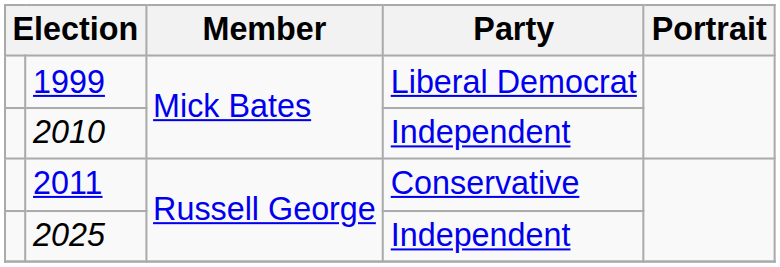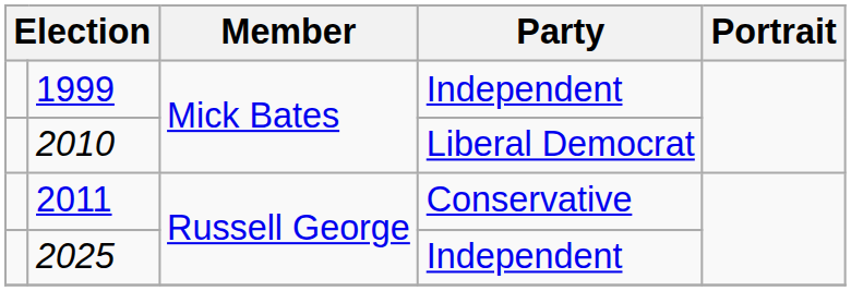 <table class="wikitable">
 <tr>
 <th colspan="2">Election</th>
 <th>Member</th>
 <th>Party</th>
 <th>Portrait</th>
 </tr>
 <tr>
 <td style="background-color: "></td>
 <td><a href='#'>1999</a></td>
 <td rowspan=2><a href='#'>Mick Bates</a></td>
-<td><a href='#'>Liberal Democrat</a></td>
+<td><a href='#'>Independent</a></td>
 <td rowspan=2></td>
 </tr>
 <tr>
 <td style="background-color: "></td>
 <td><em>2010</em></td>
-<td><a href='#'>Independent</a></td>
+<td><a href='#'>Liberal Democrat</a></td>
 </tr>
 <tr>
 <td style="background-color: "></td>
 <td><a href='#'>2011</a></td>
 <td rowspan=2><a href='#'>Russell George</a></td>
 <td><a href='#'>Conservative</a></td>
 <td rowspan=2></td>
 </tr>
 <tr>
 <td style="background-color: "></td>
 <td><em>2025</em></td>
 <td><a href='#'>Independent</a></td>
 </tr>
 <tr>
 </tr>
 </table>
